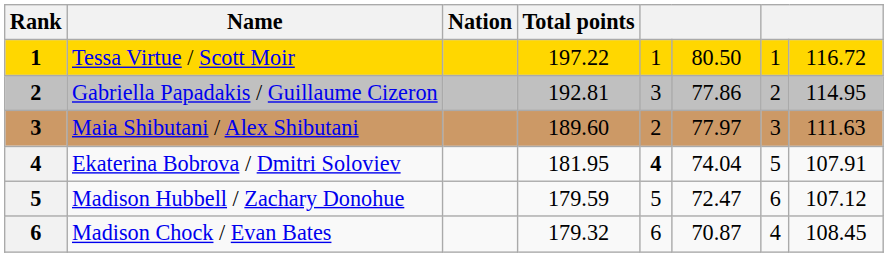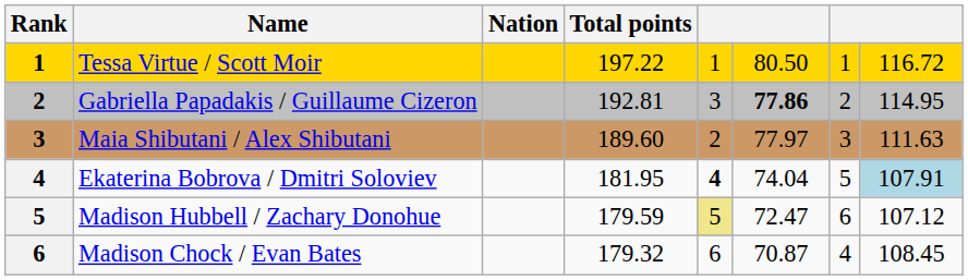 <table class="wikitable sortable">
 <tr>
 <th>Rank</th>
 <th>Name</th>
 <th>Nation</th>
 <th>Total points</th>
 <th colspan="2" width="80px"></th>
 <th colspan="2" width="80px"></th>
 </tr>
 <tr bgcolor="gold">
 <td align="center"><strong>1</strong></td>
 <td><a href='#'>Tessa Virtue</a> / <a href='#'>Scott Moir</a></td>
 <td></td>
 <td align="center">197.22</td>
 <td align="center">1</td>
 <td align="center">80.50</td>
 <td align="center">1</td>
 <td align="center">116.72</td>
 </tr>
 <tr bgcolor="silver">
 <td align="center"><strong>2</strong></td>
 <td><a href='#'>Gabriella Papadakis</a> / <a href='#'>Guillaume Cizeron</a></td>
 <td></td>
 <td align="center">192.81</td>
 <td align="center">3</td>
-<td align="center">77.86</td>
+<td align="center"><strong>77.86</strong></td>
 <td align="center">2</td>
 <td align="center">114.95</td>
 </tr>
 <tr bgcolor="cc9966">
 <td align="center"><strong>3</strong></td>
 <td><a href='#'>Maia Shibutani</a> / <a href='#'>Alex Shibutani</a></td>
 <td></td>
 <td align="center">189.60</td>
 <td align="center">2</td>
 <td align="center">77.97</td>
 <td align="center">3</td>
 <td align="center">111.63</td>
 </tr>
 <tr>
 <th>4</th>
 <td><a href='#'>Ekaterina Bobrova</a> / <a href='#'>Dmitri Soloviev</a></td>
 <td></td>
 <td align="center">181.95</td>
 <td align="center"><strong>4</strong></td>
 <td align="center">74.04</td>
 <td align="center">5</td>
-<td align="center">107.91</td>
+<td align="center" style="background: lightblue;">107.91</td>
 </tr>
 <tr>
 <th>5</th>
 <td><a href='#'>Madison Hubbell</a> / <a href='#'>Zachary Donohue</a></td>
 <td></td>
 <td align="center">179.59</td>
-<td align="center">5</td>
+<td align="center" style="background: khaki;">5</td>
 <td align="center">72.47</td>
 <td align="center">6</td>
 <td align="center">107.12</td>
 </tr>
 <tr>
 <th>6</th>
 <td><a href='#'>Madison Chock</a> / <a href='#'>Evan Bates</a></td>
 <td></td>
 <td align="center">179.32</td>
 <td align="center">6</td>
 <td align="center">70.87</td>
 <td align="center">4</td>
 <td align="center">108.45</td>
 </tr>
 </table>
